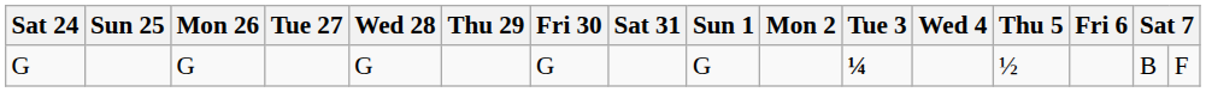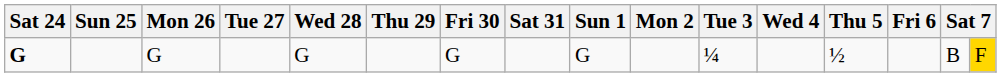 <table class="wikitable olympic-schedule water-polo">
 <tr>
 <th>Sat 24</th>
 <th>Sun 25</th>
 <th>Mon 26</th>
 <th>Tue 27</th>
 <th>Wed 28</th>
 <th>Thu 29</th>
 <th>Fri 30</th>
 <th>Sat 31</th>
 <th>Sun 1</th>
 <th>Mon 2</th>
 <th>Tue 3</th>
 <th>Wed 4</th>
 <th>Thu 5</th>
 <th>Fri 6</th>
 <th colspan="2">Sat 7</th>
 </tr>
 <tr>
-<td class="team-group">G</td>
+<td class="team-group"><strong>G</strong></td>
 <td></td>
 <td class="team-group">G</td>
 <td></td>
 <td class="team-group">G</td>
 <td></td>
 <td class="team-group">G</td>
 <td></td>
 <td class="team-group">G</td>
 <td></td>
-<td class="team-qf"><strong>¼</strong></td>
+<td class="team-qf">¼</td>
 <td></td>
 <td class="team-sf">½</td>
 <td></td>
 <td class="team-bronze">B</td>
-<td class="team-final">F</td>
+<td class="team-final" style="background: gold;">F</td>
 </tr>
 </table>
